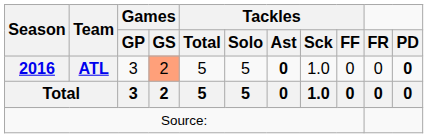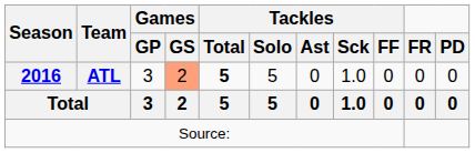 <table class="wikitable" style="text-align: center;">
 <tr>
 <th rowspan=2>Season</th>
 <th rowspan=2>Team</th>
 <th colspan=2>Games</th>
 <th colspan=5>Tackles</th>
 </tr>
 <tr>
 <th>GP</th>
 <th>GS</th>
 <th>Total</th>
 <th>Solo</th>
 <th>Ast</th>
 <th>Sck</th>
 <th>FF</th>
 <th>FR</th>
 <th>PD</th>
 </tr>
 <tr>
 <th><a href='#'>2016</a></th>
 <th><a href='#'>ATL</a></th>
 <td>3</td>
 <td style="background: lightsalmon;">2</td>
+<td><strong>5</strong></td>
 <td>5</td>
-<td>5</td>
-<td><strong>0</strong></td>
+<td>0</td>
 <td>1.0</td>
 <td>0</td>
 <td>0</td>
-<td><strong>0</strong></td>
+<td>0</td>
 </tr>
 <tr>
 <th colspan="2">Total</th>
 <th>3</th>
 <th>2</th>
 <th>5</th>
 <th>5</th>
 <th>0</th>
 <th>1.0</th>
 <th>0</th>
 <th>0</th>
 <th>0</th>
 </tr>
 <tr>
 <td colspan="9"><small>Source: </small></td>
 </tr>
 </table>
